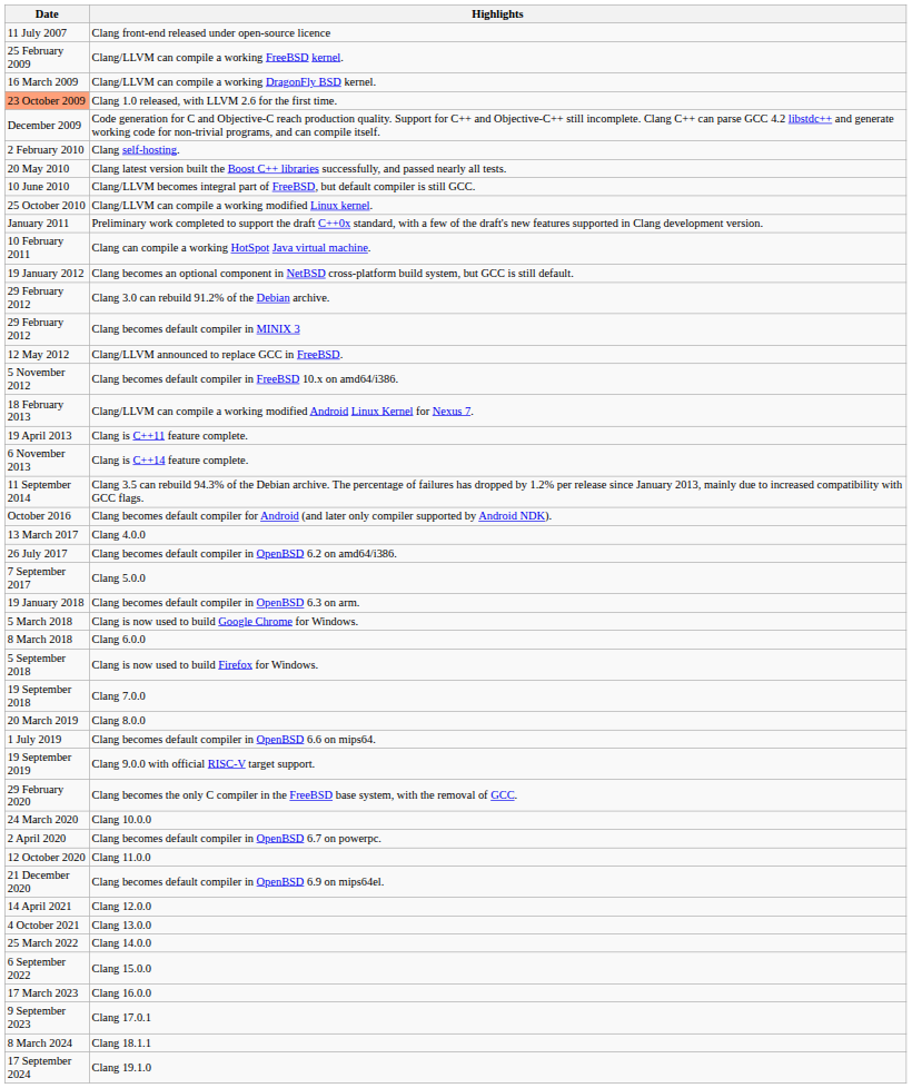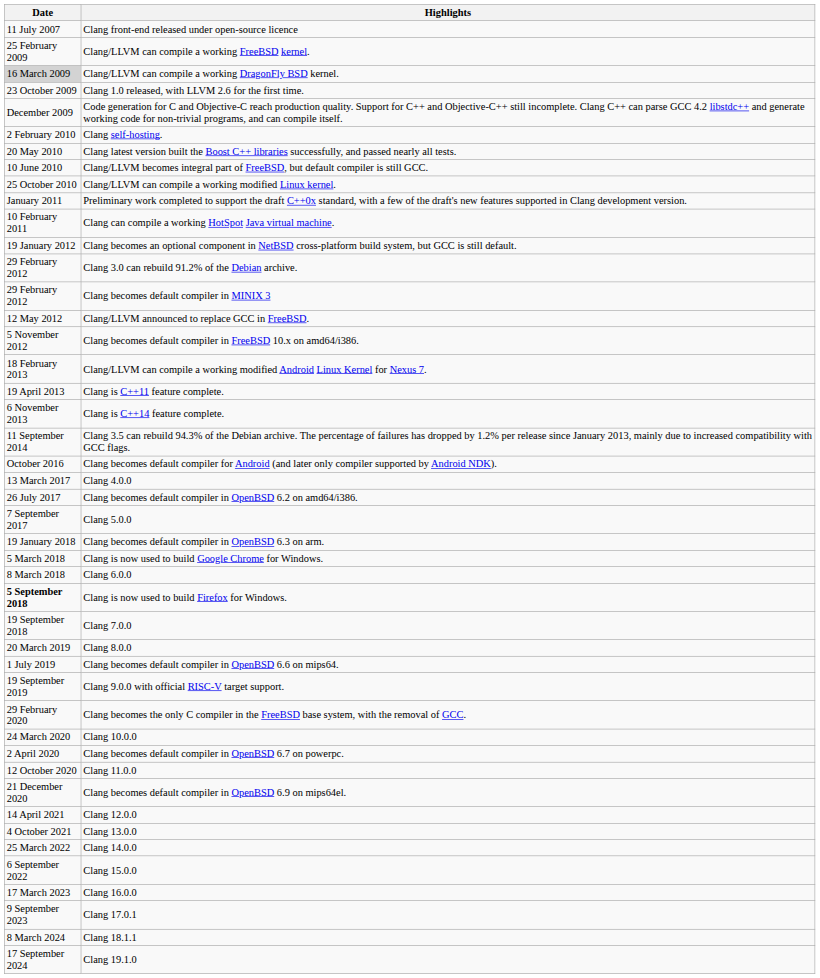 <table class="wikitable mw-collapsible mw-collapsed">
 <tr>
 <th>Date</th>
 <th>Highlights</th>
 </tr>
 <tr>
 <td>11 July 2007</td>
 <td>Clang front-end released under open-source licence</td>
 </tr>
 <tr>
 <td>25 February 2009</td>
 <td>Clang/LLVM can compile a working <a href='#'>FreeBSD</a> <a href='#'>kernel</a>.</td>
 </tr>
 <tr>
-<td>16 March 2009</td>
+<td style="background: lightgrey;">16 March 2009</td>
 <td>Clang/LLVM can compile a working <a href='#'>DragonFly BSD</a> kernel.</td>
 </tr>
 <tr>
-<td style="background: lightsalmon;">23 October 2009</td>
+<td>23 October 2009</td>
 <td>Clang 1.0 released, with LLVM 2.6 for the first time.</td>
 </tr>
 <tr>
 <td>December 2009</td>
 <td>Code generation for C and Objective-C reach production quality. Support for C++ and Objective-C++ still incomplete. Clang C++ can parse GCC 4.2 <a href='#'>libstdc++</a> and generate working code for non-trivial programs, and can compile itself.</td>
 </tr>
 <tr>
 <td>2 February 2010</td>
 <td>Clang <a href='#'>self-hosting</a>.</td>
 </tr>
 <tr>
 <td>20 May 2010</td>
 <td>Clang latest version built the <a href='#'>Boost C++ libraries</a> successfully, and passed nearly all tests.</td>
 </tr>
 <tr>
 <td>10 June 2010</td>
 <td>Clang/LLVM becomes integral part of <a href='#'>FreeBSD</a>, but default compiler is still GCC.</td>
 </tr>
 <tr>
 <td>25 October 2010</td>
 <td>Clang/LLVM can compile a working modified <a href='#'>Linux kernel</a>.</td>
 </tr>
 <tr>
 <td>January 2011</td>
 <td>Preliminary work completed to support the draft <a href='#'>C++0x</a> standard, with a few of the draft's new features supported in Clang development version.</td>
 </tr>
 <tr>
 <td>10 February 2011</td>
 <td>Clang can compile a working <a href='#'>HotSpot</a> <a href='#'>Java virtual machine</a>.</td>
 </tr>
 <tr>
 <td>19 January 2012</td>
 <td>Clang becomes an optional component in <a href='#'>NetBSD</a> cross-platform build system, but GCC is still default.</td>
 </tr>
 <tr>
 <td>29 February 2012</td>
 <td>Clang 3.0 can rebuild 91.2% of the <a href='#'>Debian</a> archive.</td>
 </tr>
 <tr>
 <td>29 February 2012</td>
 <td>Clang becomes default compiler in <a href='#'>MINIX 3</a></td>
 </tr>
 <tr>
 <td>12 May 2012</td>
 <td>Clang/LLVM announced to replace GCC in <a href='#'>FreeBSD</a>.</td>
 </tr>
 <tr>
 <td>5 November 2012</td>
 <td>Clang becomes default compiler in <a href='#'>FreeBSD</a> 10.x on amd64/i386.</td>
 </tr>
 <tr>
 <td>18 February 2013</td>
 <td>Clang/LLVM can compile a working modified <a href='#'>Android</a> <a href='#'>Linux Kernel</a> for <a href='#'>Nexus 7</a>.</td>
 </tr>
 <tr>
 <td>19 April 2013</td>
 <td>Clang is <a href='#'>C++11</a> feature complete.</td>
 </tr>
 <tr>
 <td>6 November 2013</td>
 <td>Clang is <a href='#'>C++14</a> feature complete.</td>
 </tr>
 <tr>
 <td>11 September 2014</td>
 <td>Clang 3.5 can rebuild 94.3% of the Debian archive. The percentage of failures has dropped by 1.2% per release since January 2013, mainly due to increased compatibility with GCC flags.</td>
 </tr>
 <tr>
 <td>October 2016</td>
 <td>Clang becomes default compiler for <a href='#'>Android</a> (and later only compiler supported by <a href='#'>Android NDK</a>).</td>
 </tr>
 <tr>
 <td>13 March 2017</td>
 <td>Clang 4.0.0 </td>
 </tr>
 <tr>
 <td>26 July 2017</td>
 <td>Clang becomes default compiler in <a href='#'>OpenBSD</a> 6.2 on amd64/i386.</td>
 </tr>
 <tr>
 <td>7 September 2017</td>
 <td>Clang 5.0.0 </td>
 </tr>
 <tr>
 <td>19 January 2018</td>
 <td>Clang becomes default compiler in <a href='#'>OpenBSD</a> 6.3 on arm.</td>
 </tr>
 <tr>
 <td>5 March 2018</td>
 <td>Clang is now used to build <a href='#'>Google Chrome</a> for Windows.</td>
 </tr>
 <tr>
 <td>8 March 2018</td>
 <td>Clang 6.0.0 </td>
 </tr>
 <tr>
-<td>5 September 2018</td>
+<td><strong>5 September 2018</strong></td>
 <td>Clang is now used to build <a href='#'>Firefox</a> for Windows.</td>
 </tr>
 <tr>
 <td>19 September 2018</td>
 <td>Clang 7.0.0 </td>
 </tr>
 <tr>
 <td>20 March 2019</td>
 <td>Clang 8.0.0 </td>
 </tr>
 <tr>
 <td>1 July 2019</td>
 <td>Clang becomes default compiler in <a href='#'>OpenBSD</a> 6.6 on mips64.</td>
 </tr>
 <tr>
 <td>19 September 2019</td>
 <td>Clang 9.0.0  with official <a href='#'>RISC-V</a> target support.</td>
 </tr>
 <tr>
 <td>29 February 2020</td>
 <td>Clang becomes the only C compiler in the <a href='#'>FreeBSD</a> base system, with the removal of <a href='#'>GCC</a>.</td>
 </tr>
 <tr>
 <td>24 March 2020</td>
 <td>Clang 10.0.0 </td>
 </tr>
 <tr>
 <td>2 April 2020</td>
 <td>Clang becomes default compiler in <a href='#'>OpenBSD</a> 6.7 on powerpc.</td>
 </tr>
 <tr>
 <td>12 October 2020</td>
 <td>Clang 11.0.0 </td>
 </tr>
 <tr>
 <td>21 December 2020</td>
 <td>Clang becomes default compiler in <a href='#'>OpenBSD</a> 6.9 on mips64el.</td>
 </tr>
 <tr>
 <td>14 April 2021</td>
 <td>Clang 12.0.0 </td>
 </tr>
 <tr>
 <td>4 October 2021</td>
 <td>Clang 13.0.0 </td>
 </tr>
 <tr>
 <td>25 March 2022</td>
 <td>Clang 14.0.0 </td>
 </tr>
 <tr>
 <td>6 September 2022</td>
 <td>Clang 15.0.0 </td>
 </tr>
 <tr>
 <td>17 March 2023</td>
 <td>Clang 16.0.0 </td>
 </tr>
 <tr>
 <td>9 September 2023</td>
 <td>Clang 17.0.1 </td>
 </tr>
 <tr>
 <td>8 March 2024</td>
 <td>Clang 18.1.1 </td>
 </tr>
 <tr>
 <td>17 September 2024</td>
 <td>Clang 19.1.0 </td>
 </tr>
 </table>
